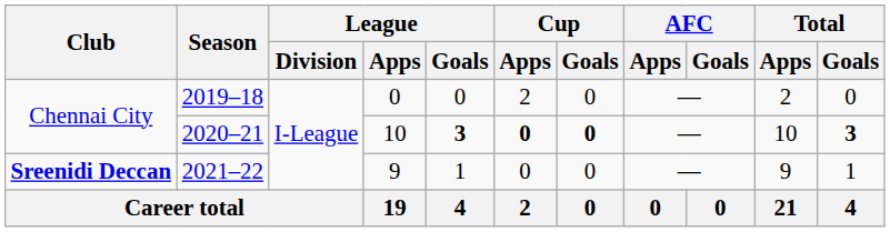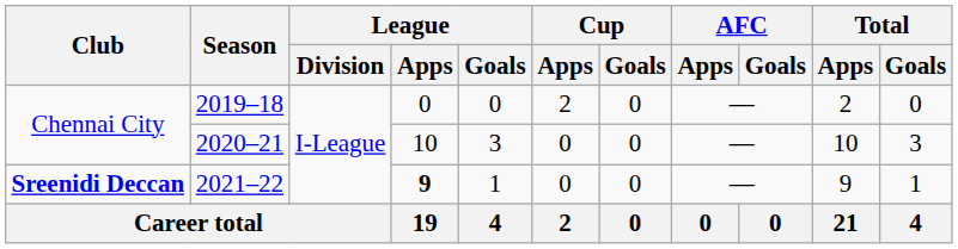 <table class=wikitable style=text-align:center>
 <tr>
 <th rowspan="2">Club</th>
 <th rowspan="2">Season</th>
 <th colspan="3">League</th>
 <th colspan="2">Cup</th>
 <th colspan="2"><a href='#'>AFC</a></th>
 <th colspan="2">Total</th>
 </tr>
 <tr>
 <th>Division</th>
 <th>Apps</th>
 <th>Goals</th>
 <th>Apps</th>
 <th>Goals</th>
 <th>Apps</th>
 <th>Goals</th>
 <th>Apps</th>
 <th>Goals</th>
 </tr>
 <tr>
 <td rowspan="2"><a href='#'>Chennai City</a></td>
 <td><a href='#'>2019–18</a></td>
 <td rowspan="3"><a href='#'>I-League</a></td>
 <td>0</td>
 <td>0</td>
 <td>2</td>
 <td>0</td>
 <td colspan="2">—</td>
 <td>2</td>
 <td>0</td>
 </tr>
 <tr>
 <td><a href='#'>2020–21</a></td>
 <td>10</td>
-<td><strong>3</strong></td>
-<td><strong>0</strong></td>
-<td><strong>0</strong></td>
+<td>3</td>
+<td>0</td>
+<td>0</td>
 <td colspan="2">—</td>
 <td>10</td>
-<td><strong>3</strong></td>
+<td>3</td>
 </tr>
 <tr>
 <td rowspan="1"><strong><a href='#'>Sreenidi Deccan</a></strong></td>
 <td><a href='#'>2021–22</a></td>
-<td>9</td>
+<td><strong>9</strong></td>
 <td>1</td>
 <td>0</td>
 <td>0</td>
 <td colspan="2">—</td>
 <td>9</td>
 <td>1</td>
 </tr>
 <tr>
 <th colspan="3">Career total</th>
 <th>19</th>
 <th>4</th>
 <th>2</th>
 <th>0</th>
 <th>0</th>
 <th>0</th>
 <th>21</th>
 <th>4</th>
 </tr>
 </table>
